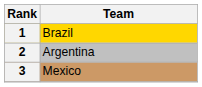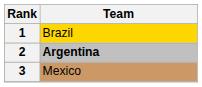 <table class="wikitable">
 <tr>
 <th>Rank</th>
 <th width=200px>Team</th>
 </tr>
 <tr bgcolor=gold>
 <th>1</th>
 <td> Brazil</td>
 </tr>
 <tr bgcolor=silver>
 <th>2</th>
-<td> Argentina</td>
+<td><strong> Argentina</strong></td>
 </tr>
 <tr bgcolor=cc9966>
 <th>3</th>
 <td> Mexico</td>
 </tr>
 <tr>
 </tr>
 </table>
